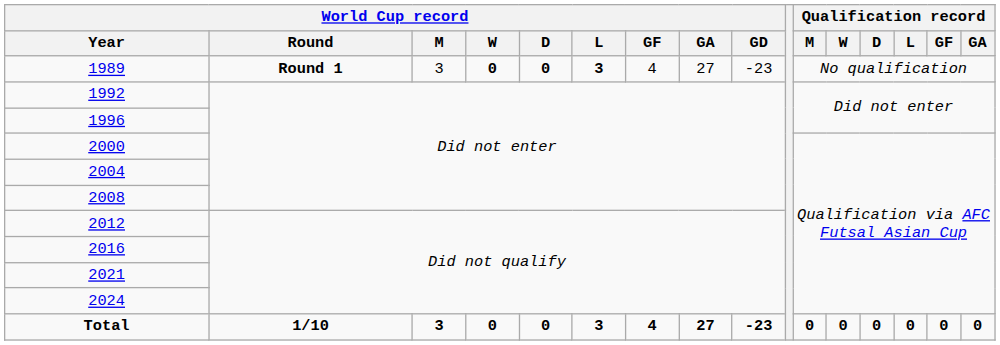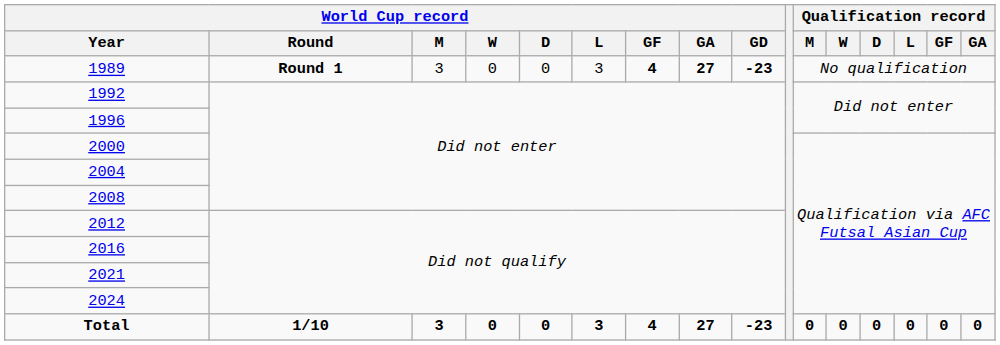 <table class="wikitable" style="text-align: center;font-size:90%;">
 <tr>
 <th colspan=9><a href='#'>World Cup record</a></th>
 <th style="width:1" rowspan="13"></th>
 <th colspan=6>Qualification record</th>
 </tr>
 <tr>
 <th width=150>Year</th>
 <th width=150>Round</th>
 <th width=35>M</th>
 <th width=35>W</th>
 <th width=35>D</th>
 <th width=35>L</th>
 <th width=35>GF</th>
 <th width=35>GA</th>
 <th width=35>GD</th>
 <th width=20>M</th>
 <th width=20>W</th>
 <th width=20>D</th>
 <th width=20>L</th>
 <th width=20>GF</th>
 <th width=20>GA</th>
 </tr>
 <tr bgcolor=>
 <td> <a href='#'>1989</a></td>
 <td><strong>Round 1</strong></td>
 <td>3</td>
-<td><strong>0</strong></td>
-<td><strong>0</strong></td>
-<td><strong>3</strong></td>
-<td>4</td>
-<td>27</td>
-<td>-23</td>
+<td>0</td>
+<td>0</td>
+<td>3</td>
+<td><strong>4</strong></td>
+<td><strong>27</strong></td>
+<td><strong>-23</strong></td>
 <td colspan=6 rowspan=1><em>No qualification</em></td>
 </tr>
 <tr bgcolor=>
 <td> <a href='#'>1992</a></td>
 <td colspan=8 rowspan=5><em>Did not enter</em></td>
 <td colspan=6 rowspan=2><em>Did not enter</em></td>
 </tr>
 <tr bgcolor=>
 <td> <a href='#'>1996</a></td>
 </tr>
 <tr bgcolor=>
 <td> <a href='#'>2000</a></td>
 <td rowspan=7 colspan=6><em>Qualification via <a href='#'>AFC Futsal Asian Cup</a></em></td>
 </tr>
 <tr bgcolor=>
 <td> <a href='#'>2004</a></td>
 </tr>
 <tr bgcolor=>
 <td> <a href='#'>2008</a></td>
 </tr>
 <tr bgcolor=>
 <td> <a href='#'>2012</a></td>
 <td colspan=8 rowspan=4><em>Did not qualify</em></td>
 </tr>
 <tr bgcolor=>
 <td> <a href='#'>2016</a></td>
 </tr>
 <tr bgcolor=>
 <td> <a href='#'>2021</a></td>
 </tr>
 <tr bgcolor=>
 <td> <a href='#'>2024</a></td>
 </tr>
 <tr bgcolor=>
 <td><strong>Total</strong></td>
 <td><strong>1/10</strong></td>
 <td><strong>3</strong></td>
 <td><strong>0</strong></td>
 <td><strong>0</strong></td>
 <td><strong>3</strong></td>
 <td><strong>4</strong></td>
 <td><strong>27</strong></td>
 <td><strong>-23</strong></td>
 <td><strong>0</strong></td>
 <td><strong>0</strong></td>
 <td><strong>0</strong></td>
 <td><strong>0</strong></td>
 <td><strong>0</strong></td>
 <td><strong>0</strong></td>
 </tr>
 </table>
